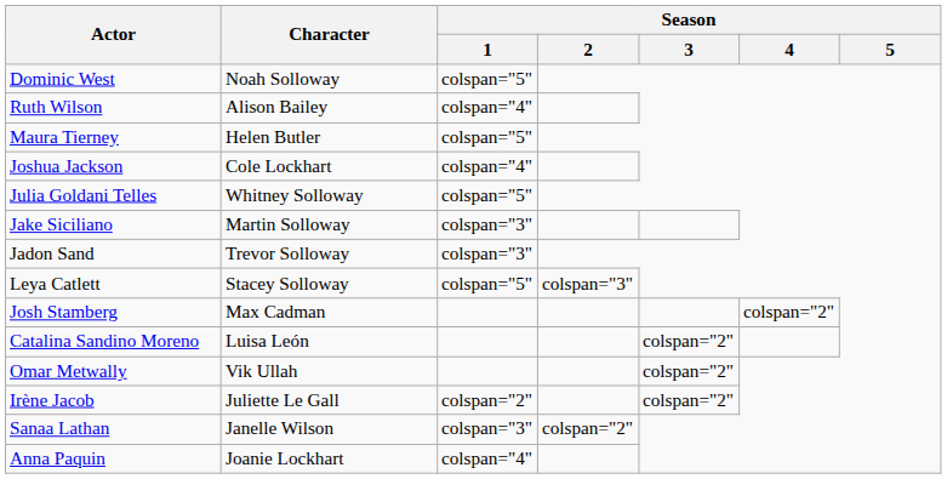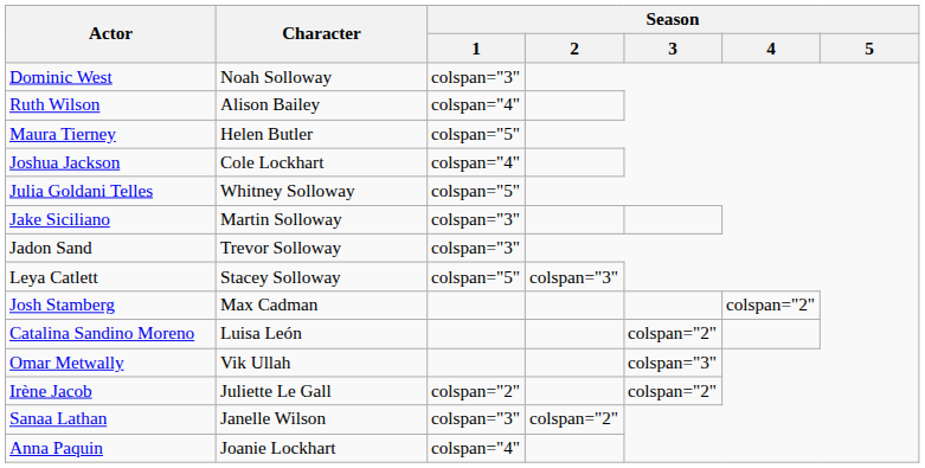 <table class="wikitable">
 <tr>
 <th rowspan="2" style="width:180px;">Actor</th>
 <th style="width:180px;" rowspan="2">Character</th>
 <th colspan="5">Season</th>
 </tr>
 <tr>
 <th style="width:80px;">1</th>
 <th style="width:80px;">2</th>
 <th style="width:80px;">3</th>
 <th style="width:80px;">4</th>
 <th style="width:80px;">5</th>
 </tr>
 <tr>
 <td><a href='#'>Dominic West</a></td>
 <td>Noah Solloway</td>
-<td>colspan="5" </td>
+<td>colspan="3" </td>
 </tr>
 <tr>
 <td><a href='#'>Ruth Wilson</a></td>
 <td>Alison Bailey</td>
 <td>colspan="4" </td>
 <td></td>
 </tr>
 <tr>
 <td><a href='#'>Maura Tierney</a></td>
 <td>Helen Butler</td>
 <td>colspan="5" </td>
 </tr>
 <tr>
 <td><a href='#'>Joshua Jackson</a></td>
 <td>Cole Lockhart</td>
 <td>colspan="4" </td>
 <td></td>
 </tr>
 <tr>
 <td><a href='#'>Julia Goldani Telles</a></td>
 <td>Whitney Solloway</td>
 <td>colspan="5" </td>
 </tr>
 <tr>
 <td><a href='#'>Jake Siciliano</a></td>
 <td>Martin Solloway</td>
 <td>colspan="3" </td>
 <td></td>
 <td></td>
 </tr>
 <tr>
 <td>Jadon Sand</td>
 <td>Trevor Solloway</td>
 <td>colspan="3" </td>
 </tr>
 <tr>
 <td>Leya Catlett</td>
 <td>Stacey Solloway</td>
 <td>colspan="5" </td>
 <td>colspan="3" </td>
 </tr>
 <tr>
 <td><a href='#'>Josh Stamberg</a></td>
 <td>Max Cadman</td>
 <td></td>
 <td></td>
 <td></td>
 <td>colspan="2" </td>
 </tr>
 <tr>
 <td><a href='#'>Catalina Sandino Moreno</a></td>
 <td>Luisa León</td>
 <td></td>
 <td></td>
 <td>colspan="2" </td>
 <td></td>
 </tr>
 <tr>
 <td><a href='#'>Omar Metwally</a></td>
 <td>Vik Ullah</td>
 <td></td>
 <td></td>
-<td>colspan="2" </td>
+<td>colspan="3" </td>
 </tr>
 <tr>
 <td><a href='#'>Irène Jacob</a></td>
 <td>Juliette Le Gall</td>
 <td>colspan="2" </td>
 <td></td>
 <td>colspan="2" </td>
 </tr>
 <tr>
 <td><a href='#'>Sanaa Lathan</a></td>
 <td>Janelle Wilson</td>
 <td>colspan="3" </td>
 <td>colspan="2" </td>
 </tr>
 <tr>
 <td><a href='#'>Anna Paquin</a></td>
 <td>Joanie Lockhart</td>
 <td>colspan="4" </td>
 <td></td>
 </tr>
 </table>
